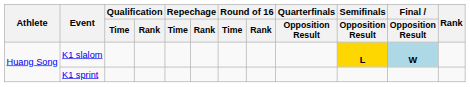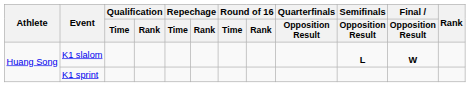 <table class="wikitable" style="font-size:90%;">
 <tr>
 <th rowspan=2>Athlete</th>
 <th rowspan=2>Event</th>
 <th colspan=2>Qualification</th>
 <th colspan=2>Repechage</th>
 <th colspan=2>Round of 16</th>
 <th>Quarterfinals</th>
 <th>Semifinals</th>
 <th>Final / </th>
 <th rowspan=2>Rank</th>
 </tr>
 <tr style="font-size:95%">
 <th>Time</th>
 <th>Rank</th>
 <th>Time</th>
 <th>Rank</th>
 <th>Time</th>
 <th>Rank</th>
 <th>Opposition <br>Result</th>
 <th>Opposition <br>Result</th>
 <th>Opposition <br>Result</th>
 </tr>
 <tr align=center>
 <td rowspan=2 align=left><a href='#'>Huang Song</a></td>
 <td align=left><a href='#'>K1 slalom</a></td>
 <td></td>
 <td></td>
 <td></td>
 <td></td>
 <td></td>
 <td></td>
 <td></td>
-<td style="background: gold;"><br><strong>L</strong></td>
-<td style="background: lightblue;"><br><strong>W</strong></td>
+<td><br><strong>L</strong></td>
+<td><br><strong>W</strong></td>
 <td></td>
 </tr>
 <tr>
 <td align=left><a href='#'>K1 sprint</a></td>
 <td></td>
 <td></td>
 <td></td>
 <td></td>
 <td></td>
 <td></td>
 <td></td>
 <td></td>
 <td></td>
 <td></td>
 </tr>
 </table>
